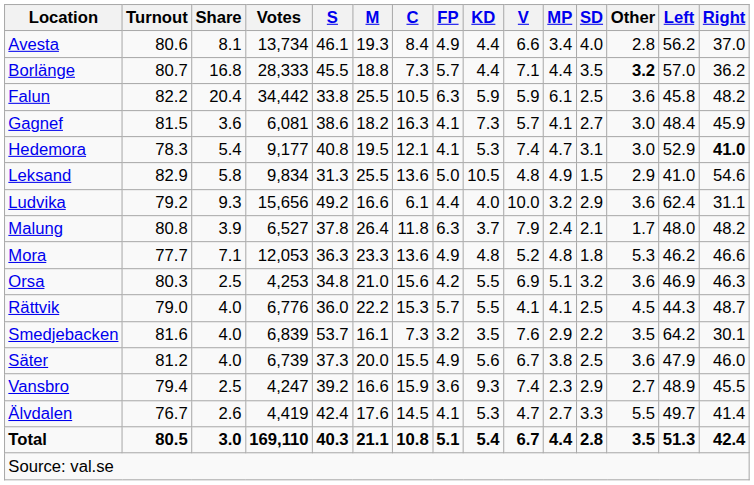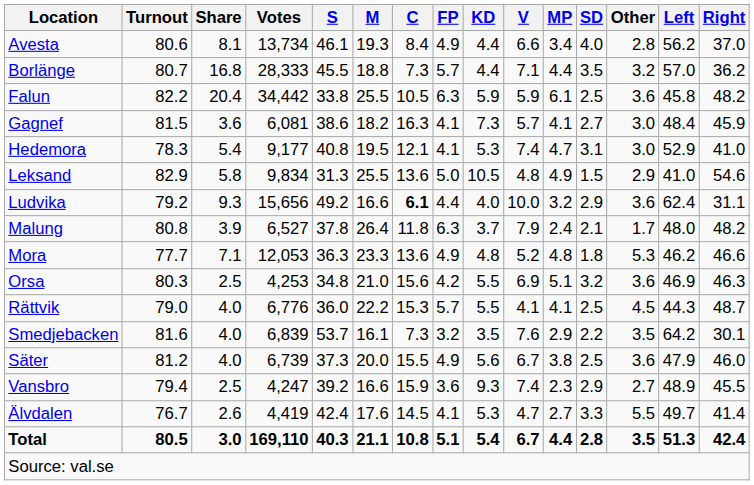 <table class="wikitable sortable" style=text-align:right>
 <tr>
 <th>Location</th>
 <th>Turnout</th>
 <th>Share</th>
 <th>Votes</th>
 <th><a href='#'>S</a></th>
 <th><a href='#'>M</a></th>
 <th><a href='#'>C</a></th>
 <th><a href='#'>FP</a></th>
 <th><a href='#'>KD</a></th>
 <th><a href='#'>V</a></th>
 <th><a href='#'>MP</a></th>
 <th><a href='#'>SD</a></th>
 <th>Other</th>
 <th><a href='#'>Left</a></th>
 <th><a href='#'>Right</a></th>
 </tr>
 <tr>
 <td align=left><a href='#'>Avesta</a></td>
 <td>80.6</td>
 <td>8.1</td>
 <td>13,734</td>
 <td>46.1</td>
 <td>19.3</td>
 <td>8.4</td>
 <td>4.9</td>
 <td>4.4</td>
 <td>6.6</td>
 <td>3.4</td>
 <td>4.0</td>
 <td>2.8</td>
 <td>56.2</td>
 <td>37.0</td>
 </tr>
 <tr>
 <td align=left><a href='#'>Borlänge</a></td>
 <td>80.7</td>
 <td>16.8</td>
 <td>28,333</td>
 <td>45.5</td>
 <td>18.8</td>
 <td>7.3</td>
 <td>5.7</td>
 <td>4.4</td>
 <td>7.1</td>
 <td>4.4</td>
 <td>3.5</td>
-<td><strong>3.2</strong></td>
+<td>3.2</td>
 <td>57.0</td>
 <td>36.2</td>
 </tr>
 <tr>
 <td align=left><a href='#'>Falun</a></td>
 <td>82.2</td>
 <td>20.4</td>
 <td>34,442</td>
 <td>33.8</td>
 <td>25.5</td>
 <td>10.5</td>
 <td>6.3</td>
 <td>5.9</td>
 <td>5.9</td>
 <td>6.1</td>
 <td>2.5</td>
 <td>3.6</td>
 <td>45.8</td>
 <td>48.2</td>
 </tr>
 <tr>
 <td align=left><a href='#'>Gagnef</a></td>
 <td>81.5</td>
 <td>3.6</td>
 <td>6,081</td>
 <td>38.6</td>
 <td>18.2</td>
 <td>16.3</td>
 <td>4.1</td>
 <td>7.3</td>
 <td>5.7</td>
 <td>4.1</td>
 <td>2.7</td>
 <td>3.0</td>
 <td>48.4</td>
 <td>45.9</td>
 </tr>
 <tr>
 <td align=left><a href='#'>Hedemora</a></td>
 <td>78.3</td>
 <td>5.4</td>
 <td>9,177</td>
 <td>40.8</td>
 <td>19.5</td>
 <td>12.1</td>
 <td>4.1</td>
 <td>5.3</td>
 <td>7.4</td>
 <td>4.7</td>
 <td>3.1</td>
 <td>3.0</td>
 <td>52.9</td>
-<td><strong>41.0</strong></td>
+<td>41.0</td>
 </tr>
 <tr>
 <td align=left><a href='#'>Leksand</a></td>
 <td>82.9</td>
 <td>5.8</td>
 <td>9,834</td>
 <td>31.3</td>
 <td>25.5</td>
 <td>13.6</td>
 <td>5.0</td>
 <td>10.5</td>
 <td>4.8</td>
 <td>4.9</td>
 <td>1.5</td>
 <td>2.9</td>
 <td>41.0</td>
 <td>54.6</td>
 </tr>
 <tr>
 <td align=left><a href='#'>Ludvika</a></td>
 <td>79.2</td>
 <td>9.3</td>
 <td>15,656</td>
 <td>49.2</td>
 <td>16.6</td>
-<td>6.1</td>
+<td><strong>6.1</strong></td>
 <td>4.4</td>
 <td>4.0</td>
 <td>10.0</td>
 <td>3.2</td>
 <td>2.9</td>
 <td>3.6</td>
 <td>62.4</td>
 <td>31.1</td>
 </tr>
 <tr>
 <td align=left><a href='#'>Malung</a></td>
 <td>80.8</td>
 <td>3.9</td>
 <td>6,527</td>
 <td>37.8</td>
 <td>26.4</td>
 <td>11.8</td>
 <td>6.3</td>
 <td>3.7</td>
 <td>7.9</td>
 <td>2.4</td>
 <td>2.1</td>
 <td>1.7</td>
 <td>48.0</td>
 <td>48.2</td>
 </tr>
 <tr>
 <td align=left><a href='#'>Mora</a></td>
 <td>77.7</td>
 <td>7.1</td>
 <td>12,053</td>
 <td>36.3</td>
 <td>23.3</td>
 <td>13.6</td>
 <td>4.9</td>
 <td>4.8</td>
 <td>5.2</td>
 <td>4.8</td>
 <td>1.8</td>
 <td>5.3</td>
 <td>46.2</td>
 <td>46.6</td>
 </tr>
 <tr>
 <td align=left><a href='#'>Orsa</a></td>
 <td>80.3</td>
 <td>2.5</td>
 <td>4,253</td>
 <td>34.8</td>
 <td>21.0</td>
 <td>15.6</td>
 <td>4.2</td>
 <td>5.5</td>
 <td>6.9</td>
 <td>5.1</td>
 <td>3.2</td>
 <td>3.6</td>
 <td>46.9</td>
 <td>46.3</td>
 </tr>
 <tr>
 <td align=left><a href='#'>Rättvik</a></td>
 <td>79.0</td>
 <td>4.0</td>
 <td>6,776</td>
 <td>36.0</td>
 <td>22.2</td>
 <td>15.3</td>
 <td>5.7</td>
 <td>5.5</td>
 <td>4.1</td>
 <td>4.1</td>
 <td>2.5</td>
 <td>4.5</td>
 <td>44.3</td>
 <td>48.7</td>
 </tr>
 <tr>
 <td align=left><a href='#'>Smedjebacken</a></td>
 <td>81.6</td>
 <td>4.0</td>
 <td>6,839</td>
 <td>53.7</td>
 <td>16.1</td>
 <td>7.3</td>
 <td>3.2</td>
 <td>3.5</td>
 <td>7.6</td>
 <td>2.9</td>
 <td>2.2</td>
 <td>3.5</td>
 <td>64.2</td>
 <td>30.1</td>
 </tr>
 <tr>
 <td align=left><a href='#'>Säter</a></td>
 <td>81.2</td>
 <td>4.0</td>
 <td>6,739</td>
 <td>37.3</td>
 <td>20.0</td>
 <td>15.5</td>
 <td>4.9</td>
 <td>5.6</td>
 <td>6.7</td>
 <td>3.8</td>
 <td>2.5</td>
 <td>3.6</td>
 <td>47.9</td>
 <td>46.0</td>
 </tr>
 <tr>
 <td align=left><a href='#'>Vansbro</a></td>
 <td>79.4</td>
 <td>2.5</td>
 <td>4,247</td>
 <td>39.2</td>
 <td>16.6</td>
 <td>15.9</td>
 <td>3.6</td>
 <td>9.3</td>
 <td>7.4</td>
 <td>2.3</td>
 <td>2.9</td>
 <td>2.7</td>
 <td>48.9</td>
 <td>45.5</td>
 </tr>
 <tr>
 <td align=left><a href='#'>Älvdalen</a></td>
 <td>76.7</td>
 <td>2.6</td>
 <td>4,419</td>
 <td>42.4</td>
 <td>17.6</td>
 <td>14.5</td>
 <td>4.1</td>
 <td>5.3</td>
 <td>4.7</td>
 <td>2.7</td>
 <td>3.3</td>
 <td>5.5</td>
 <td>49.7</td>
 <td>41.4</td>
 </tr>
 <tr>
 <td align=left><strong>Total</strong></td>
 <td><strong>80.5</strong></td>
 <td><strong>3.0</strong></td>
 <td><strong>169,110</strong></td>
 <td><strong>40.3</strong></td>
 <td><strong>21.1</strong></td>
 <td><strong>10.8</strong></td>
 <td><strong>5.1</strong></td>
 <td><strong>5.4</strong></td>
 <td><strong>6.7</strong></td>
 <td><strong>4.4</strong></td>
 <td><strong>2.8</strong></td>
 <td><strong>3.5</strong></td>
 <td><strong>51.3</strong></td>
 <td><strong>42.4</strong></td>
 </tr>
 <tr>
 <td align=left colspan=15>Source: val.se </td>
 </tr>
 </table>
